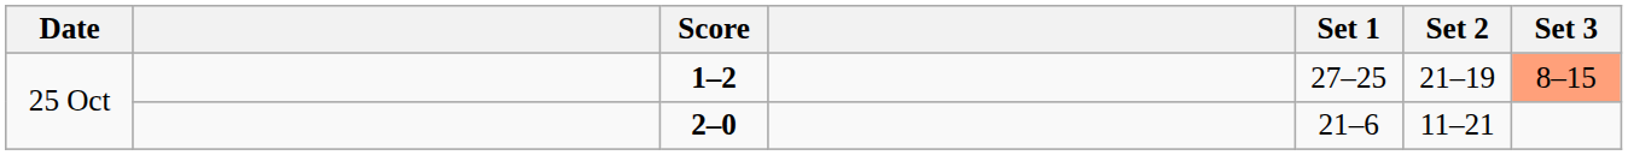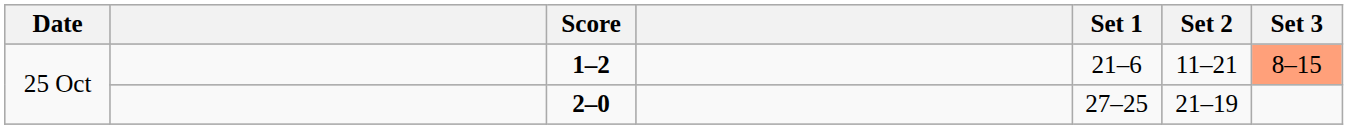 <table class="wikitable" style="text-align: center;">
 <tr>
 <th width="60">Date</th>
 <th align="right" width="270"></th>
 <th width="50">Score</th>
 <th align="left" width="270"></th>
 <th width="50">Set 1</th>
 <th width="50">Set 2</th>
 <th width="50">Set 3</th>
 </tr>
 <tr>
 <td rowspan=2>25 Oct</td>
 <td align=left></td>
 <td align=center><strong>1–2</strong></td>
 <td align=left><strong></strong></td>
-<td>27–25</td>
-<td>21–19</td>
+<td>21–6</td>
+<td>11–21</td>
 <td style="background: lightsalmon;">8–15</td>
 </tr>
 <tr>
 <td align=left><strong></strong></td>
 <td align=center><strong>2–0</strong></td>
 <td align=left></td>
-<td>21–6</td>
-<td>11–21</td>
+<td>27–25</td>
+<td>21–19</td>
 <td></td>
 </tr>
 </table>
